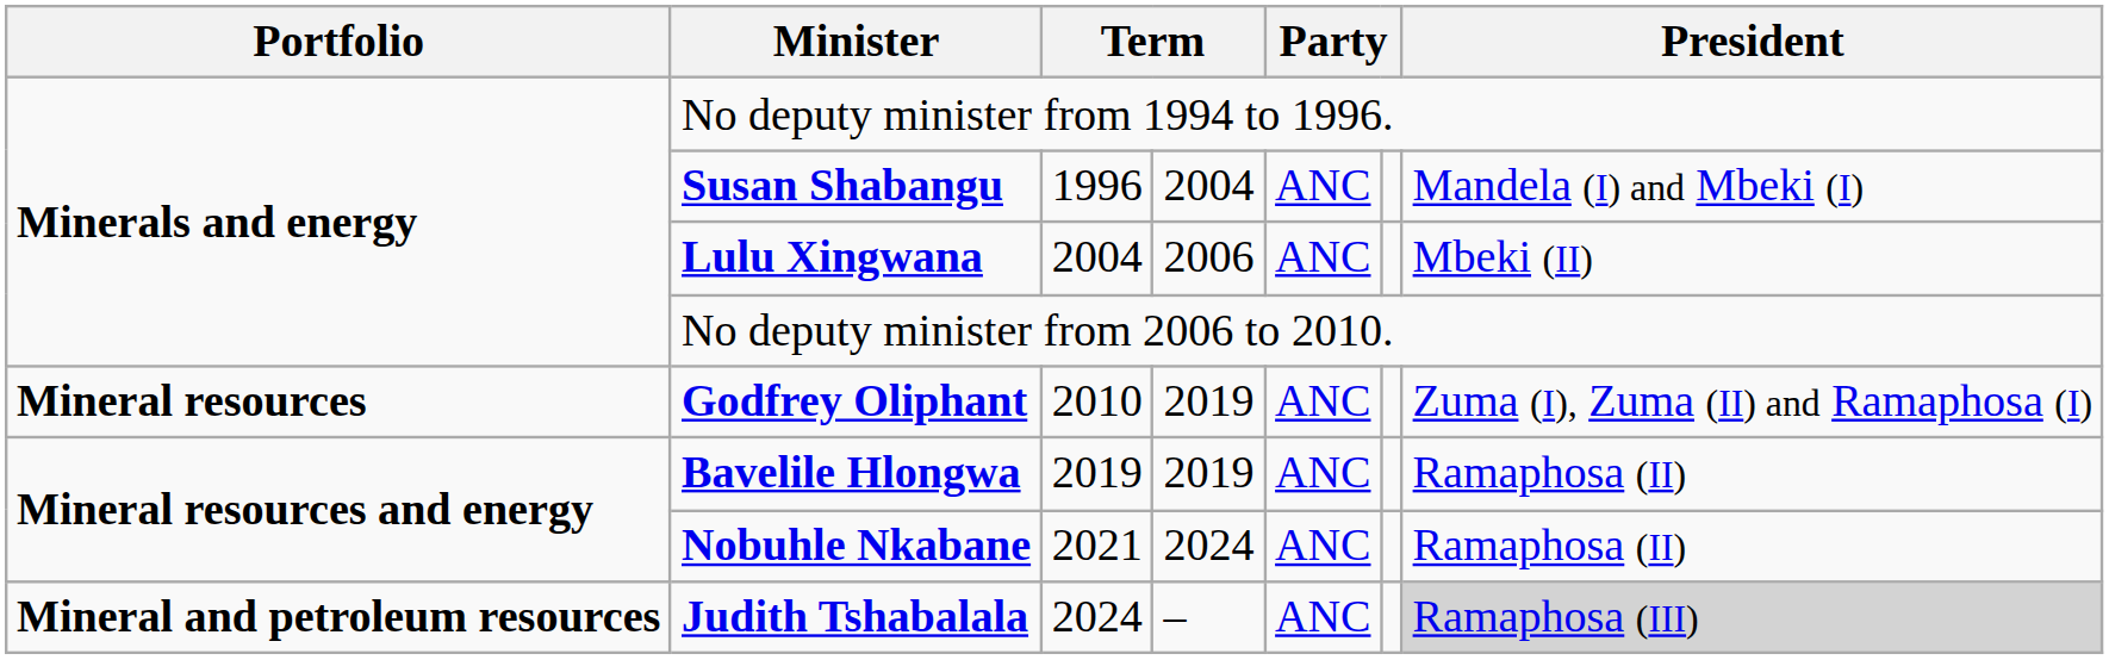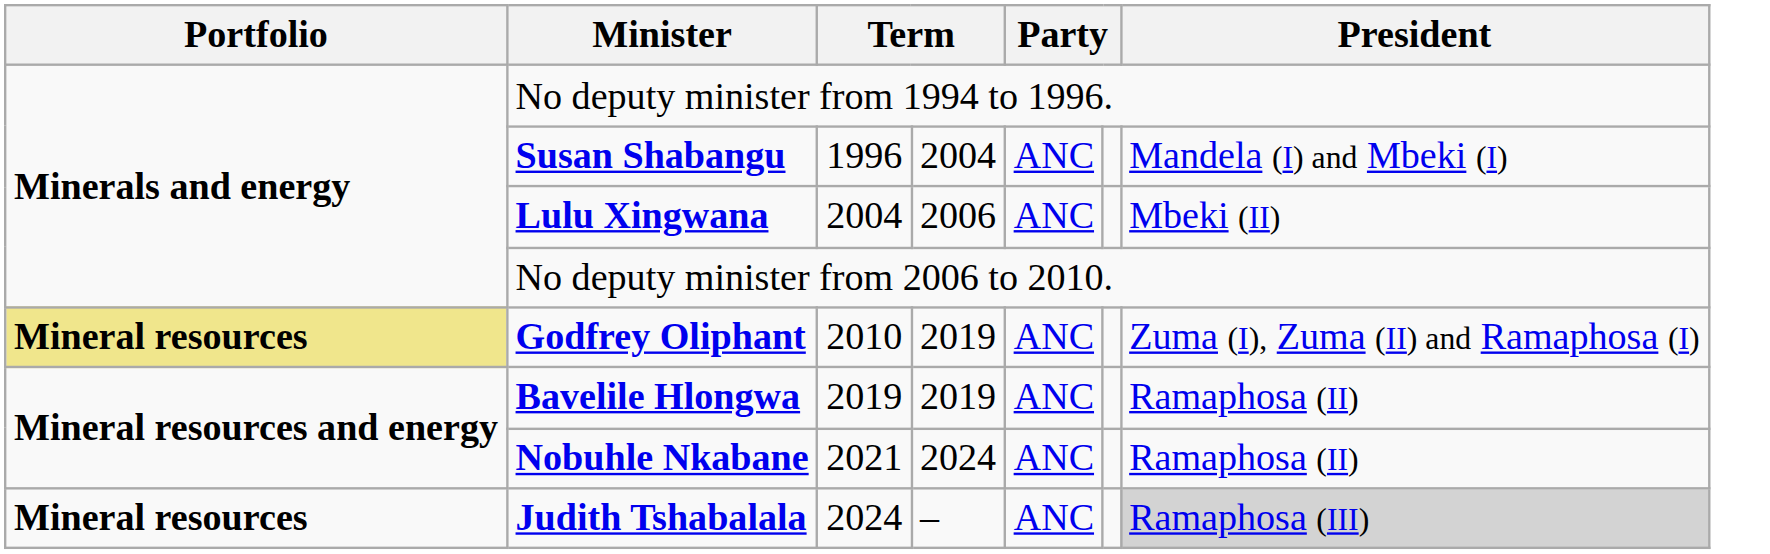 <table class="wikitable">
 <tr>
 <th>Portfolio</th>
 <th>Minister</th>
 <th colspan="2">Term</th>
 <th colspan="2">Party</th>
 <th>President</th>
 </tr>
 <tr>
 <td rowspan="4"><strong>Minerals and energy</strong></td>
 <td colspan="6">No deputy minister from 1994 to 1996.</td>
 </tr>
 <tr>
 <td><strong><a href='#'>Susan Shabangu</a></strong></td>
 <td>1996</td>
 <td>2004</td>
 <td><a href='#'>ANC</a></td>
 <td style="background-color: "></td>
 <td><a href='#'>Mandela</a> <small>(<a href='#'>I</a>) and</small> <a href='#'>Mbeki</a> <small>(<a href='#'>I</a>)</small></td>
 </tr>
 <tr>
 <td><a href='#'><strong>Lulu Xingwana</strong></a></td>
 <td>2004</td>
 <td>2006</td>
 <td><a href='#'>ANC</a></td>
 <td style="background-color: "></td>
 <td><a href='#'>Mbeki</a> <small>(<a href='#'>II</a>)</small></td>
 </tr>
 <tr>
 <td colspan="6">No deputy minister from 2006 to 2010.</td>
 </tr>
 <tr>
-<td><strong>Mineral resources</strong></td>
+<td style="background: khaki;"><strong>Mineral resources</strong></td>
 <td><strong><a href='#'>Godfrey Oliphant</a></strong></td>
 <td>2010</td>
 <td>2019</td>
 <td><a href='#'>ANC</a></td>
 <td style="background-color: "></td>
 <td><a href='#'>Zuma</a> <small>(<a href='#'>I</a>),</small> <a href='#'>Zuma</a> <small>(<a href='#'>II</a>) and</small> <a href='#'>Ramaphosa</a> <small>(<a href='#'>I</a>)</small></td>
 </tr>
 <tr>
 <td rowspan="2"><strong>Mineral resources and energy</strong></td>
 <td><strong><a href='#'>Bavelile Hlongwa</a></strong></td>
 <td>2019</td>
 <td>2019</td>
 <td><a href='#'>ANC</a></td>
 <td style="background-color: "></td>
 <td><a href='#'>Ramaphosa</a> <small>(<a href='#'>II</a>)</small></td>
 </tr>
 <tr>
 <td><strong><a href='#'>Nobuhle Nkabane</a></strong></td>
 <td>2021</td>
 <td>2024</td>
 <td><a href='#'>ANC</a></td>
 <td style="background-color: "></td>
 <td><a href='#'>Ramaphosa</a> <small>(<a href='#'>II</a>)</small></td>
 </tr>
 <tr>
-<td><strong>Mineral and petroleum resources</strong></td>
+<td><strong>Mineral resources</strong></td>
 <td><strong><a href='#'>Judith Tshabalala</a></strong></td>
 <td>2024</td>
 <td>–</td>
 <td><a href='#'>ANC</a></td>
 <td style="background-color: "></td>
 <td style="background: lightgrey;"><a href='#'>Ramaphosa</a> <small>(<a href='#'>III</a>)</small></td>
 </tr>
 </table>
